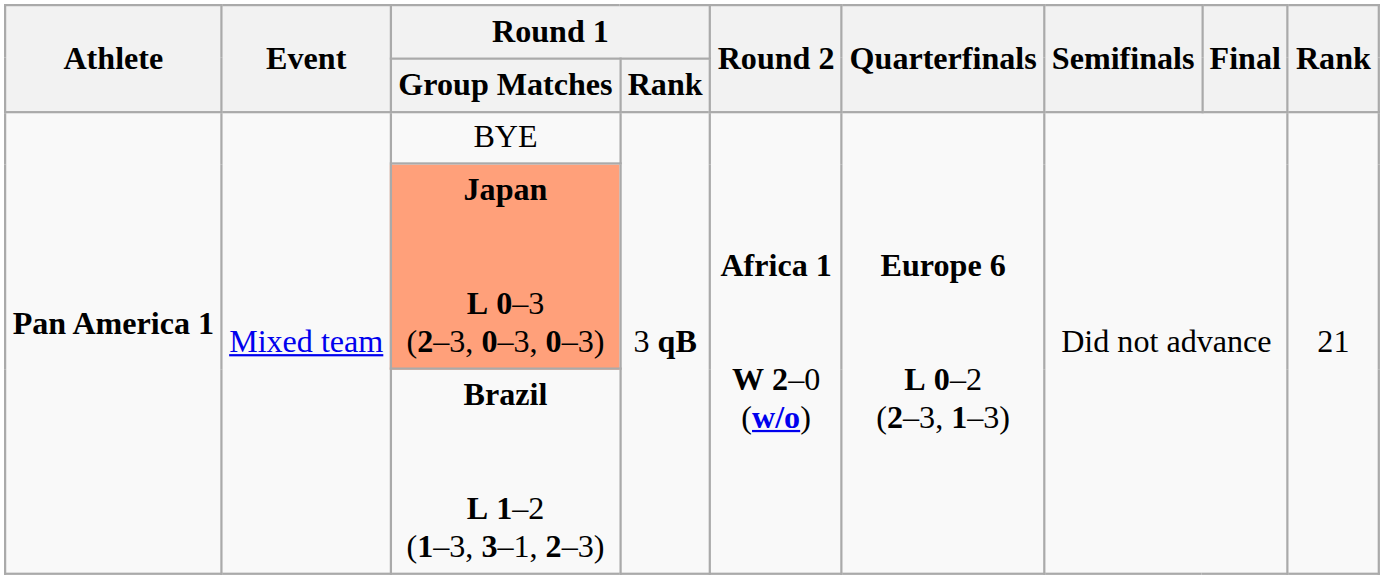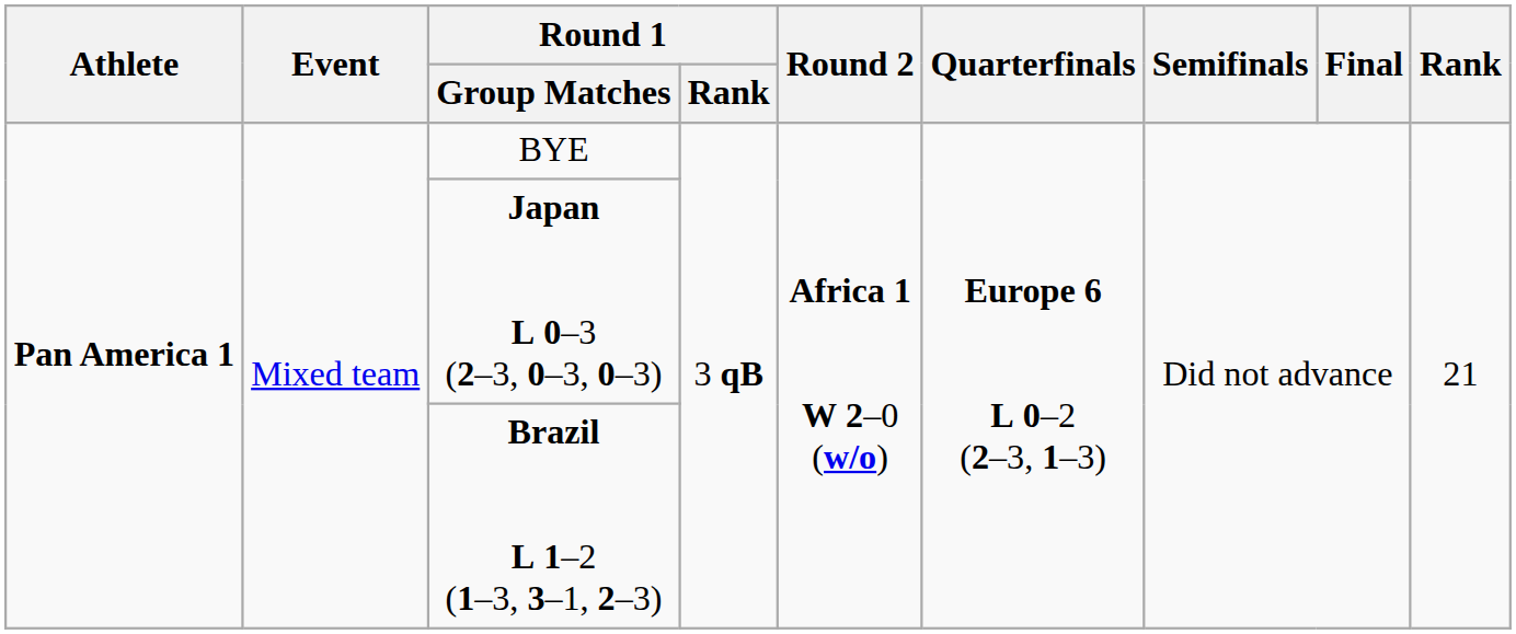 <table class="wikitable" border="1" style="font-size:90%">
 <tr>
 <th rowspan=2>Athlete</th>
 <th rowspan=2>Event</th>
 <th colspan=2>Round 1</th>
 <th rowspan=2>Round 2</th>
 <th rowspan=2>Quarterfinals</th>
 <th rowspan=2>Semifinals</th>
 <th rowspan=2>Final</th>
 <th rowspan=2>Rank</th>
 </tr>
 <tr>
 <th>Group Matches</th>
 <th>Rank</th>
 </tr>
 <tr>
 <td rowspan=3><strong>Pan America 1</strong><br><br></td>
 <td rowspan=3><a href='#'>Mixed team</a></td>
 <td align=center>BYE</td>
 <td rowspan=3 align=center>3 <strong>qB</strong></td>
 <td align=center rowspan=3><strong>Africa 1</strong><br><br><br> <strong>W</strong> <strong>2</strong>–0 <br> (<strong><a href='#'>w/o</a></strong>)</td>
 <td align=center rowspan=3><strong>Europe 6</strong><br><br><br> <strong>L</strong> <strong>0</strong>–2 <br> (<strong>2</strong>–3, <strong>1</strong>–3)</td>
 <td rowspan=3 colspan=2 align=center>Did not advance</td>
 <td rowspan=3 align=center>21</td>
 </tr>
 <tr>
-<td align=center style="background: lightsalmon;"><strong>Japan</strong><br><br><br> <strong>L</strong> <strong>0</strong>–3 <br> (<strong>2</strong>–3, <strong>0</strong>–3, <strong>0</strong>–3)</td>
+<td align=center><strong>Japan</strong><br><br><br> <strong>L</strong> <strong>0</strong>–3 <br> (<strong>2</strong>–3, <strong>0</strong>–3, <strong>0</strong>–3)</td>
 </tr>
 <tr>
 <td align=center><strong>Brazil</strong><br><br><br> <strong>L</strong> <strong>1</strong>–2 <br> (<strong>1</strong>–3, <strong>3</strong>–1, <strong>2</strong>–3)</td>
 </tr>
 </table>
